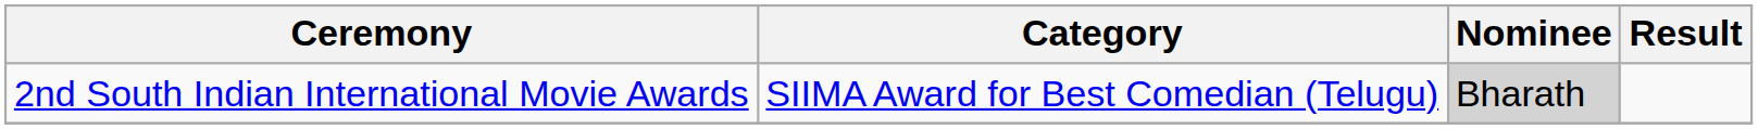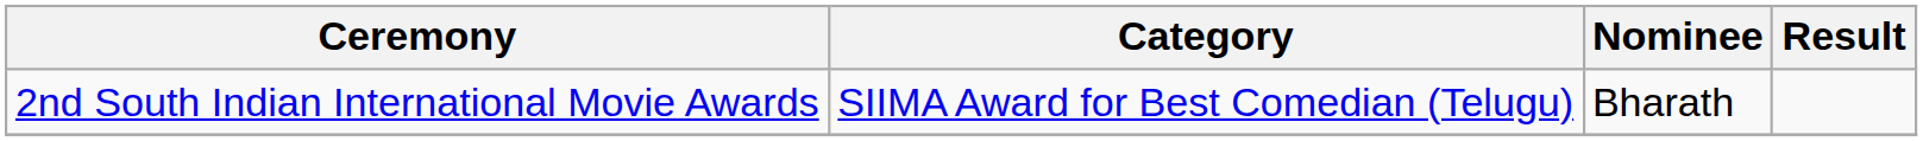 <table class="wikitable">
 <tr>
 <th>Ceremony</th>
 <th>Category</th>
 <th>Nominee</th>
 <th>Result</th>
 </tr>
 <tr>
 <td rowspan="1"><a href='#'>2nd South Indian International Movie Awards</a></td>
 <td><a href='#'>SIIMA Award for Best Comedian (Telugu)</a></td>
-<td style="background: lightgrey;">Bharath</td>
+<td>Bharath</td>
 <td></td>
 </tr>
 <tr>
 </tr>
 </table>
